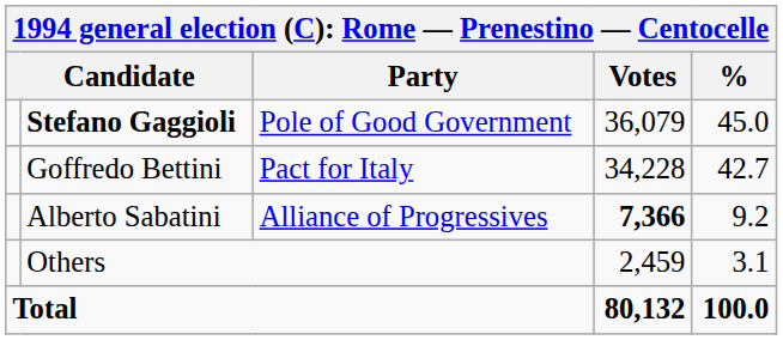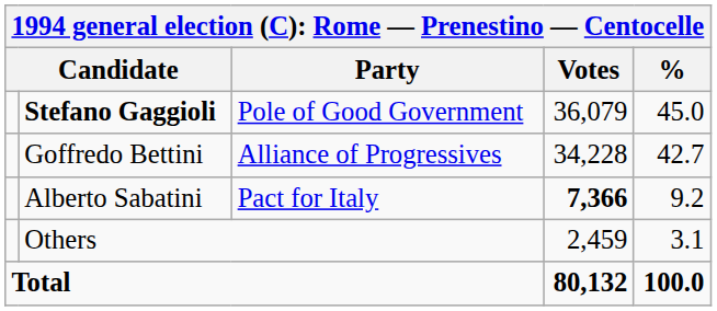 <table class=wikitable style=text-align:right>
 <tr>
 <th colspan=5><a href='#'>1994 general election</a> (<a href='#'>C</a>): <a href='#'>Rome</a> — <a href='#'>Prenestino</a> — <a href='#'>Centocelle</a></th>
 </tr>
 <tr>
 <th colspan=2>Candidate</th>
 <th>Party</th>
 <th>Votes</th>
 <th>%</th>
 </tr>
 <tr>
 <td></td>
 <td align=left><strong>Stefano Gaggioli</strong></td>
 <td align=left><a href='#'>Pole of Good Government</a></td>
 <td>36,079</td>
 <td>45.0</td>
 </tr>
 <tr>
 <td></td>
 <td align=left>Goffredo Bettini</td>
-<td align=left><a href='#'>Pact for Italy</a></td>
+<td align=left><a href='#'>Alliance of Progressives</a></td>
 <td>34,228</td>
 <td>42.7</td>
 </tr>
 <tr>
 <td></td>
 <td align=left>Alberto Sabatini</td>
-<td align=left><a href='#'>Alliance of Progressives</a></td>
+<td align=left><a href='#'>Pact for Italy</a></td>
 <td><strong>7,366</strong></td>
 <td>9.2</td>
 </tr>
 <tr>
 <td></td>
 <td align=left colspan=2>Others</td>
 <td>2,459</td>
 <td>3.1</td>
 </tr>
 <tr>
 <td align=left colspan=3><strong>Total</strong></td>
 <td><strong>80,132</strong></td>
 <td><strong>100.0</strong></td>
 </tr>
 </table>
